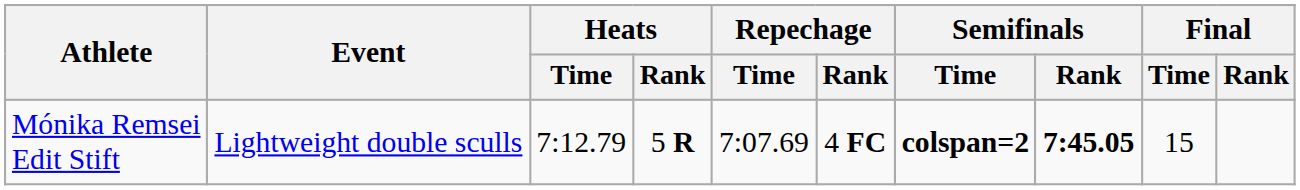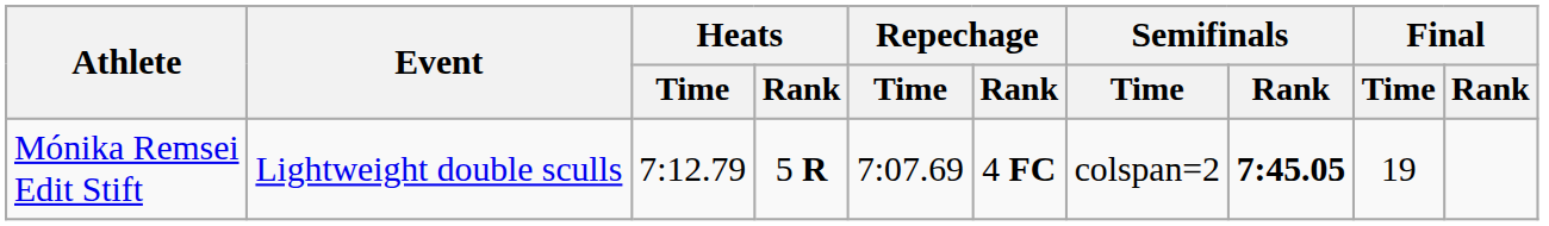 <table class="wikitable" style="font-size:90%;">
 <tr>
 <th rowspan="2">Athlete</th>
 <th rowspan="2">Event</th>
 <th colspan="2">Heats</th>
 <th colspan="2">Repechage</th>
 <th colspan="2">Semifinals</th>
 <th colspan="2">Final</th>
 </tr>
 <tr style="font-size:95%">
 <th>Time</th>
 <th>Rank</th>
 <th>Time</th>
 <th>Rank</th>
 <th>Time</th>
 <th>Rank</th>
 <th>Time</th>
 <th>Rank</th>
 </tr>
 <tr align=center>
 <td align=left><a href='#'>Mónika Remsei</a><br><a href='#'>Edit Stift</a></td>
 <td align=left><a href='#'>Lightweight double sculls</a></td>
 <td>7:12.79</td>
 <td>5 <strong>R</strong></td>
 <td>7:07.69</td>
 <td>4 <strong>FC</strong></td>
-<td><strong>colspan=2 </strong></td>
+<td>colspan=2 </td>
 <td><strong>7:45.05</strong></td>
-<td>15</td>
+<td>19</td>
 </tr>
 </table>
